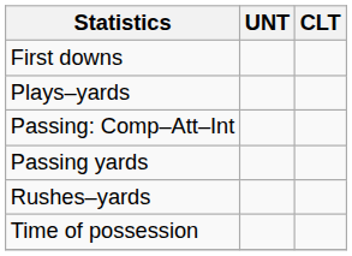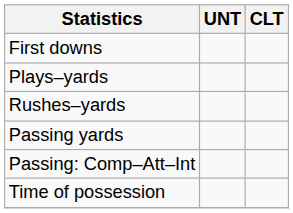 <table class="wikitable" style="float: left;">
 <tr>
 <th>Statistics</th>
 <th>UNT</th>
 <th>CLT</th>
 </tr>
 <tr>
 <td>First downs</td>
 <td></td>
 <td></td>
 </tr>
 <tr>
 <td>Plays–yards</td>
 <td></td>
 <td></td>
 </tr>
 <tr>
-<td>Passing: Comp–Att–Int</td>
+<td>Rushes–yards</td>
 <td></td>
 <td></td>
 </tr>
 <tr>
 <td>Passing yards</td>
 <td></td>
 <td></td>
 </tr>
 <tr>
-<td>Rushes–yards</td>
+<td>Passing: Comp–Att–Int</td>
 <td></td>
 <td></td>
 </tr>
 <tr>
 <td>Time of possession</td>
 <td></td>
 <td></td>
 </tr>
 <tr>
 </tr>
 </table>
